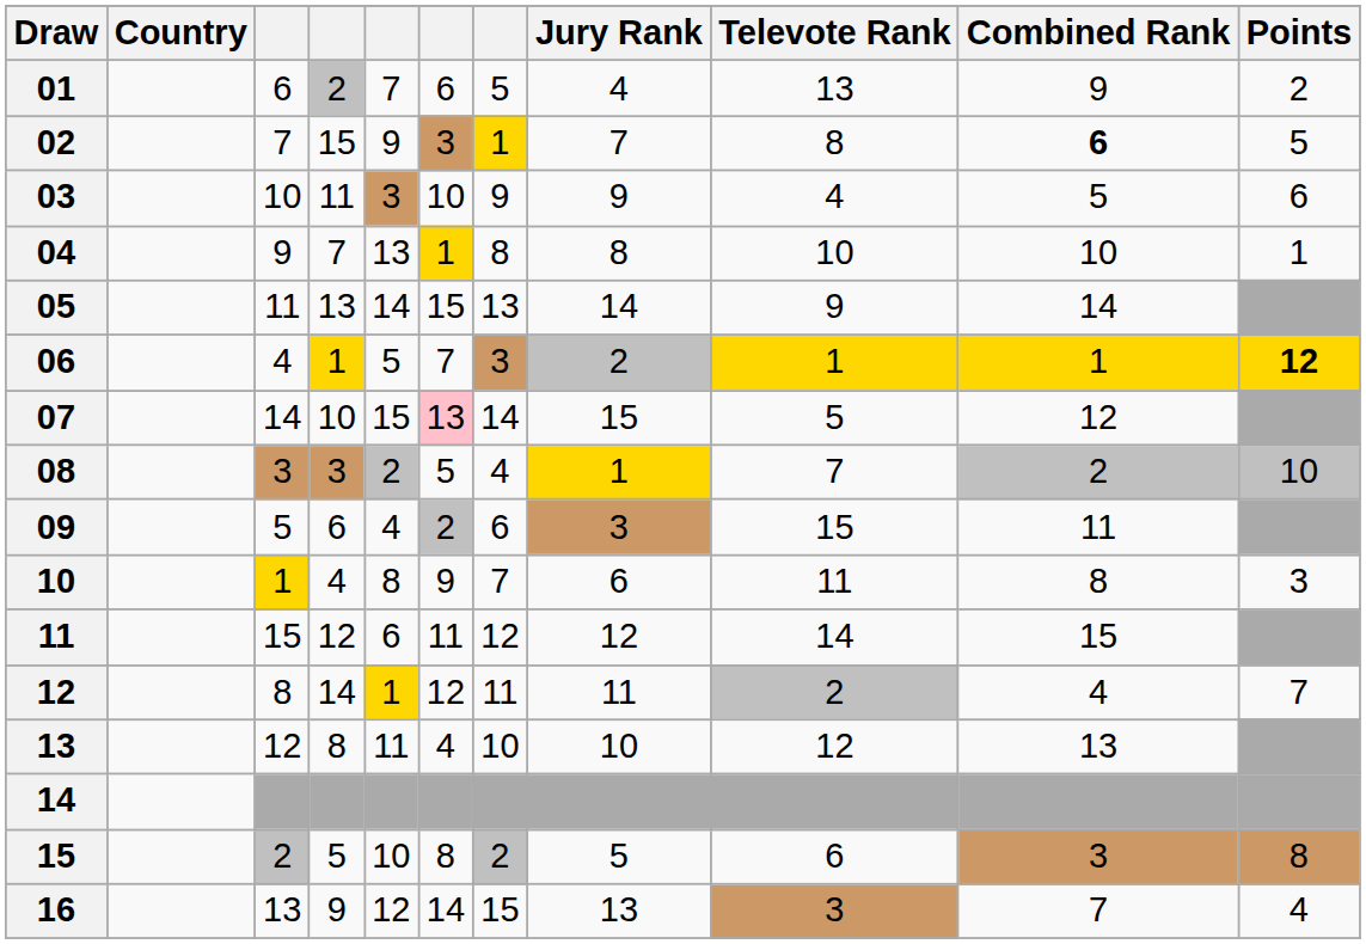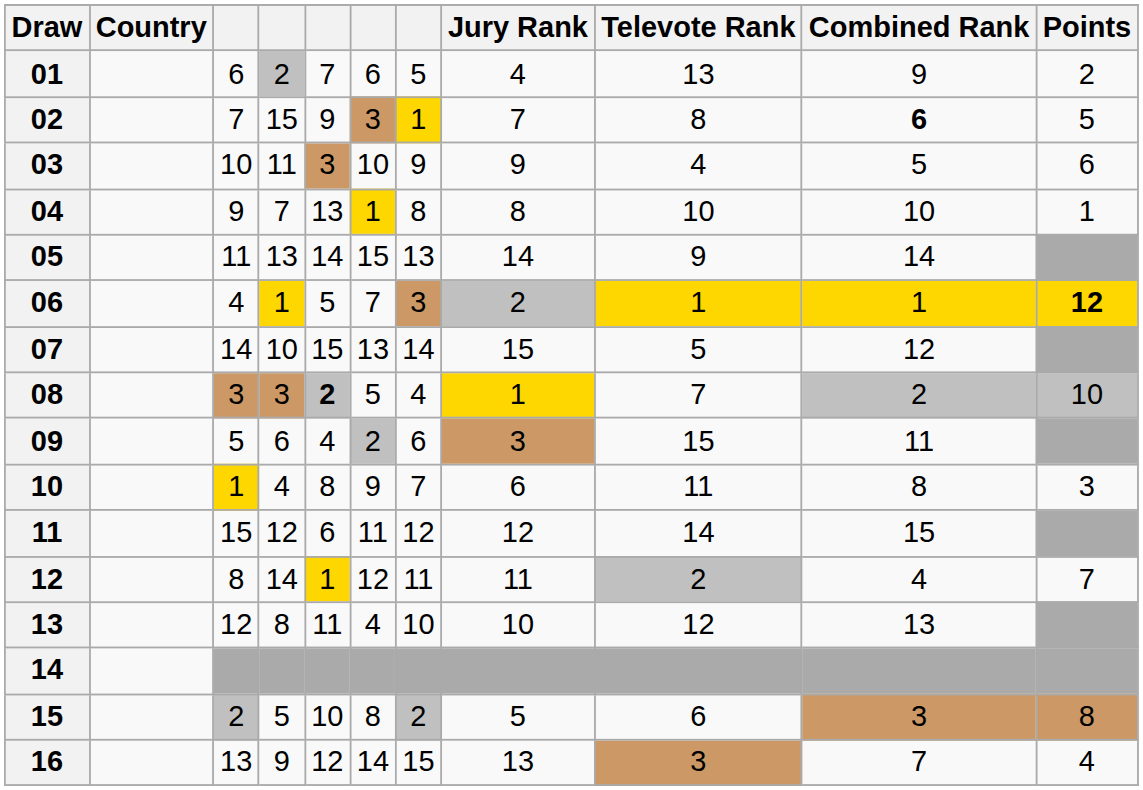 <table class="sortable wikitable collapsible plainrowheaders" style="text-align:center;">
 <tr>
 </tr>
 <tr>
 <th scope="col">Draw</th>
 <th scope="col">Country</th>
 <th scope="col"><small></small></th>
 <th scope="col"><small></small></th>
 <th scope="col"><small></small></th>
 <th scope="col"><small></small></th>
 <th scope="col"><small></small></th>
 <th scope="col">Jury Rank</th>
 <th scope="col">Televote Rank</th>
 <th scope="col">Combined Rank</th>
 <th scope="col">Points</th>
 </tr>
 <tr>
 <th scope="row" style="text-align:center;">01</th>
 <td style="text-align:left;"></td>
 <td>6</td>
 <td style="background:silver;">2</td>
 <td>7</td>
 <td>6</td>
 <td>5</td>
 <td>4</td>
 <td>13</td>
 <td>9</td>
 <td>2</td>
 </tr>
 <tr>
 <th scope="row" style="text-align:center;">02</th>
 <td style="text-align:left;"></td>
 <td>7</td>
 <td>15</td>
 <td>9</td>
 <td style="background:#CC9966;">3</td>
 <td style="background:gold;">1</td>
 <td>7</td>
 <td>8</td>
 <td><strong>6</strong></td>
 <td>5</td>
 </tr>
 <tr>
 <th scope="row" style="text-align:center;">03</th>
 <td style="text-align:left;"></td>
 <td>10</td>
 <td>11</td>
 <td style="background:#CC9966;">3</td>
 <td>10</td>
 <td>9</td>
 <td>9</td>
 <td>4</td>
 <td>5</td>
 <td>6</td>
 </tr>
 <tr>
 <th scope="row" style="text-align:center;">04</th>
 <td style="text-align:left;"></td>
 <td>9</td>
 <td>7</td>
 <td>13</td>
 <td style="background:gold;">1</td>
 <td>8</td>
 <td>8</td>
 <td>10</td>
 <td>10</td>
 <td>1</td>
 </tr>
 <tr>
 <th scope="row" style="text-align:center;">05</th>
 <td style="text-align:left;"></td>
 <td>11</td>
 <td>13</td>
 <td>14</td>
 <td>15</td>
 <td>13</td>
 <td>14</td>
 <td>9</td>
 <td>14</td>
 <td style="background:#AAAAAA;"></td>
 </tr>
 <tr>
 <th scope="row" style="text-align:center;">06</th>
 <td style="text-align:left;"></td>
 <td>4</td>
 <td style="background:gold;">1</td>
 <td>5</td>
 <td>7</td>
 <td style="background:#CC9966;">3</td>
 <td style="background:silver;">2</td>
 <td style="background:gold;">1</td>
 <td style="background:gold;">1</td>
 <td style="background:gold;"><strong>12</strong></td>
 </tr>
 <tr>
 <th scope="row" style="text-align:center;">07</th>
 <td style="text-align:left;"></td>
 <td>14</td>
 <td>10</td>
 <td>15</td>
-<td style="background: pink;">13</td>
+<td>13</td>
 <td>14</td>
 <td>15</td>
 <td>5</td>
 <td>12</td>
 <td style="background:#AAAAAA;"></td>
 </tr>
 <tr>
 <th scope="row" style="text-align:center;">08</th>
 <td style="text-align:left;"></td>
 <td style="background:#CC9966;">3</td>
 <td style="background:#CC9966;">3</td>
-<td style="background:silver;">2</td>
+<td style="background:silver;"><strong>2</strong></td>
 <td>5</td>
 <td>4</td>
 <td style="background:gold;">1</td>
 <td>7</td>
 <td style="background:silver;">2</td>
 <td style="background:silver;">10</td>
 </tr>
 <tr>
 <th scope="row" style="text-align:center;">09</th>
 <td style="text-align:left;"></td>
 <td>5</td>
 <td>6</td>
 <td>4</td>
 <td style="background:silver;">2</td>
 <td>6</td>
 <td style="background:#CC9966;">3</td>
 <td>15</td>
 <td>11</td>
 <td style="background:#AAAAAA;"></td>
 </tr>
 <tr>
 <th scope="row" style="text-align:center;">10</th>
 <td style="text-align:left;"></td>
 <td style="background:gold;">1</td>
 <td>4</td>
 <td>8</td>
 <td>9</td>
 <td>7</td>
 <td>6</td>
 <td>11</td>
 <td>8</td>
 <td>3</td>
 </tr>
 <tr>
 <th scope="row" style="text-align:center;">11</th>
 <td style="text-align:left;"></td>
 <td>15</td>
 <td>12</td>
 <td>6</td>
 <td>11</td>
 <td>12</td>
 <td>12</td>
 <td>14</td>
 <td>15</td>
 <td style="background:#AAAAAA;"></td>
 </tr>
 <tr>
 <th scope="row" style="text-align:center;">12</th>
 <td style="text-align:left;"></td>
 <td>8</td>
 <td>14</td>
 <td style="background:gold;">1</td>
 <td>12</td>
 <td>11</td>
 <td>11</td>
 <td style="background:silver;">2</td>
 <td>4</td>
 <td>7</td>
 </tr>
 <tr>
 <th scope="row" style="text-align:center;">13</th>
 <td style="text-align:left;"></td>
 <td>12</td>
 <td>8</td>
 <td>11</td>
 <td>4</td>
 <td>10</td>
 <td>10</td>
 <td>12</td>
 <td>13</td>
 <td style="background:#AAAAAA;"></td>
 </tr>
 <tr class="sortbottom">
 <th scope="row" style="text-align:center;">14</th>
 <td style="text-align:left;"></td>
 <td style="background:#AAAAAA;"></td>
 <td style="background:#AAAAAA;"></td>
 <td style="background:#AAAAAA;"></td>
 <td style="background:#AAAAAA;"></td>
 <td style="background:#AAAAAA;"></td>
 <td style="background:#AAAAAA;"></td>
 <td style="background:#AAAAAA;"></td>
 <td style="background:#AAAAAA;"></td>
 <td style="background:#AAAAAA;"></td>
 </tr>
 <tr>
 <th scope="row" style="text-align:center;">15</th>
 <td style="text-align:left;"></td>
 <td style="background:silver;">2</td>
 <td>5</td>
 <td>10</td>
 <td>8</td>
 <td style="background:silver;">2</td>
 <td>5</td>
 <td>6</td>
 <td style="background:#CC9966;">3</td>
 <td style="background:#CC9966;">8</td>
 </tr>
 <tr>
 <th scope="row" style="text-align:center;">16</th>
 <td style="text-align:left;"></td>
 <td>13</td>
 <td>9</td>
 <td>12</td>
 <td>14</td>
 <td>15</td>
 <td>13</td>
 <td style="background:#CC9966;">3</td>
 <td>7</td>
 <td>4</td>
 </tr>
 </table>
